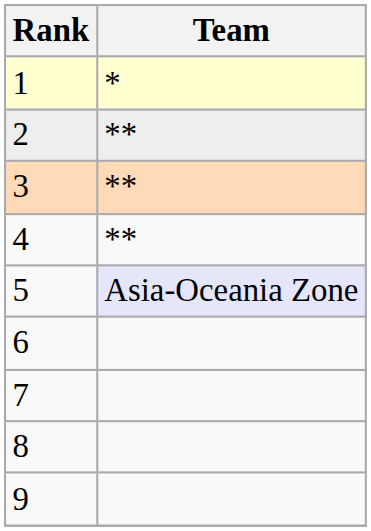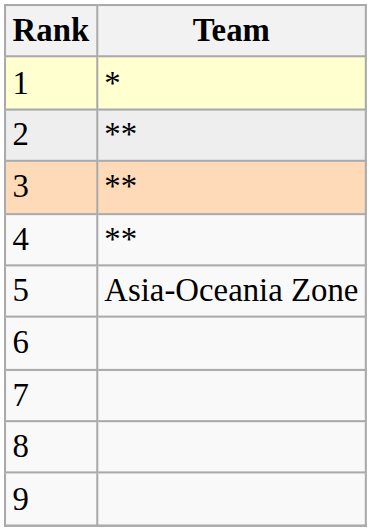 <table class="wikitable">
 <tr>
 <th>Rank</th>
 <th>Team</th>
 </tr>
 <tr style="background:#ffffd0">
 <td>1</td>
 <td> *</td>
 </tr>
 <tr style="background:#eeeeee">
 <td>2</td>
 <td> **</td>
 </tr>
 <tr style="background:#FFDAB9">
 <td>3</td>
 <td> **</td>
 </tr>
 <tr>
 <td>4</td>
 <td> **</td>
 </tr>
 <tr>
 <td>5</td>
-<td style="background: lavender;"> Asia-Oceania Zone</td>
+<td> Asia-Oceania Zone</td>
 </tr>
 <tr>
 <td>6</td>
 <td></td>
 </tr>
 <tr>
 <td>7</td>
 <td></td>
 </tr>
 <tr>
 <td>8</td>
 <td></td>
 </tr>
 <tr>
 <td>9</td>
 <td></td>
 </tr>
 <tr>
 </tr>
 </table>
